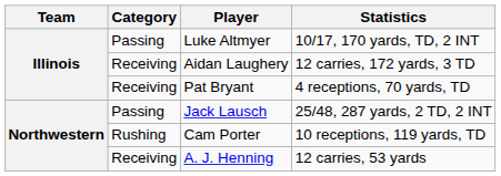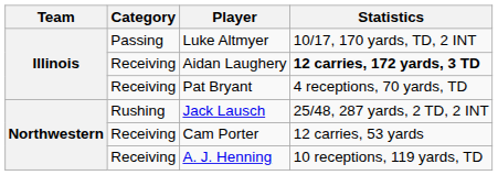 <table class="wikitable" style="float:right">
 <tr>
 <th>Team</th>
 <th>Category</th>
 <th>Player</th>
 <th>Statistics</th>
 </tr>
 <tr>
 <th rowspan=3>Illinois</th>
 <td>Passing</td>
 <td>Luke Altmyer</td>
 <td>10/17, 170 yards, TD, 2 INT</td>
 </tr>
 <tr>
 <td>Receiving</td>
 <td>Aidan Laughery</td>
-<td>12 carries, 172 yards, 3 TD</td>
+<td><strong>12 carries, 172 yards, 3 TD</strong></td>
 </tr>
 <tr>
 <td>Receiving</td>
 <td>Pat Bryant</td>
 <td>4 receptions, 70 yards, TD</td>
 </tr>
 <tr>
 <th rowspan=3>Northwestern</th>
-<td>Passing</td>
+<td>Rushing</td>
 <td><a href='#'>Jack Lausch</a></td>
 <td>25/48, 287 yards, 2 TD, 2 INT</td>
 </tr>
 <tr>
-<td>Rushing</td>
+<td>Receiving</td>
 <td>Cam Porter</td>
-<td>10 receptions, 119 yards, TD</td>
+<td>12 carries, 53 yards</td>
 </tr>
 <tr>
 <td>Receiving</td>
 <td><a href='#'>A. J. Henning</a></td>
-<td>12 carries, 53 yards</td>
+<td>10 receptions, 119 yards, TD</td>
 </tr>
 </table>
